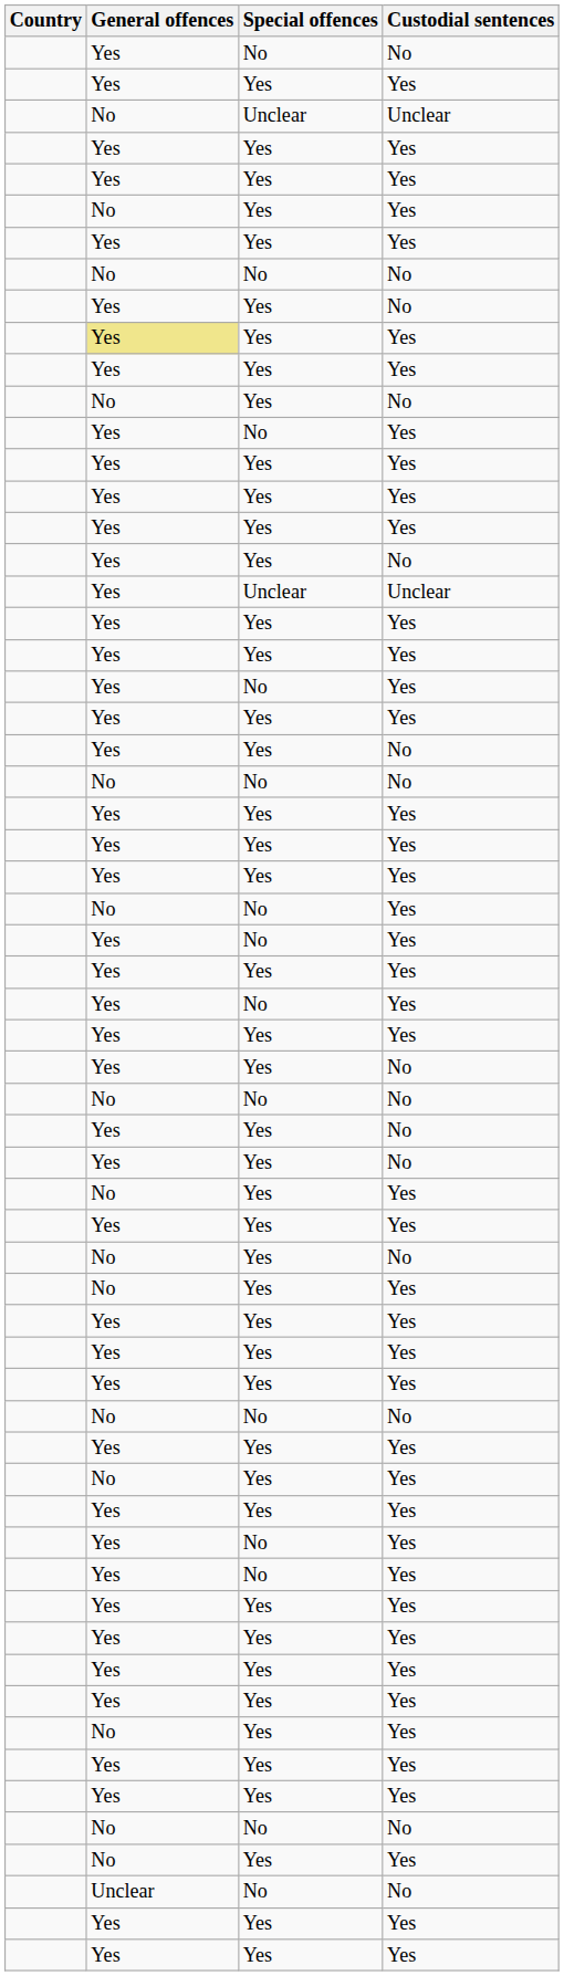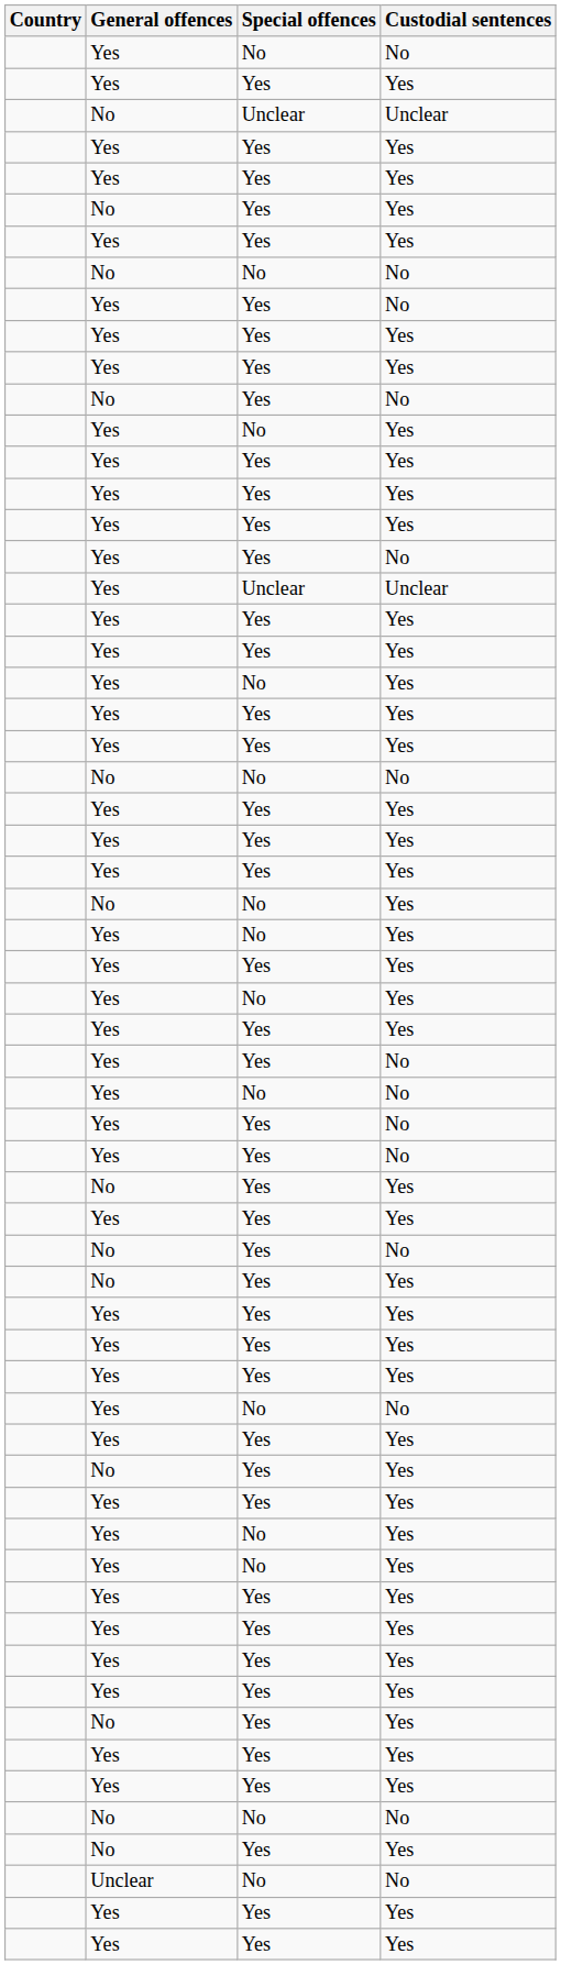 <table class="wikitable collapsible sortable defaultcenter col1left">
 <tr>
 <th>Country</th>
 <th>General offences</th>
 <th>Special offences</th>
 <th>Custodial sentences</th>
 </tr>
 <tr>
 <td></td>
 <td>Yes</td>
 <td>No</td>
 <td>No</td>
 </tr>
 <tr>
 <td></td>
 <td>Yes</td>
 <td>Yes</td>
 <td>Yes</td>
 </tr>
 <tr>
 <td></td>
 <td>No</td>
 <td>Unclear</td>
 <td>Unclear</td>
 </tr>
 <tr>
 <td></td>
 <td>Yes</td>
 <td>Yes</td>
 <td>Yes</td>
 </tr>
 <tr>
 <td></td>
 <td>Yes</td>
 <td>Yes</td>
 <td>Yes</td>
 </tr>
 <tr>
 <td></td>
 <td>No</td>
 <td>Yes</td>
 <td>Yes</td>
 </tr>
 <tr>
 <td></td>
 <td>Yes</td>
 <td>Yes</td>
 <td>Yes</td>
 </tr>
 <tr>
 <td></td>
 <td>No</td>
 <td>No</td>
 <td>No</td>
 </tr>
 <tr>
 <td></td>
 <td>Yes</td>
 <td>Yes</td>
 <td>No</td>
 </tr>
 <tr>
 <td></td>
-<td style="background: khaki;">Yes</td>
+<td>Yes</td>
 <td>Yes</td>
 <td>Yes</td>
 </tr>
 <tr>
 <td></td>
 <td>Yes</td>
 <td>Yes</td>
 <td>Yes</td>
 </tr>
 <tr>
 <td></td>
 <td>No</td>
 <td>Yes</td>
 <td>No</td>
 </tr>
 <tr>
 <td></td>
 <td>Yes</td>
 <td>No</td>
 <td>Yes</td>
 </tr>
 <tr>
 <td></td>
 <td>Yes</td>
 <td>Yes</td>
 <td>Yes</td>
 </tr>
 <tr>
 <td></td>
 <td>Yes</td>
 <td>Yes</td>
 <td>Yes</td>
 </tr>
 <tr>
 <td></td>
 <td>Yes</td>
 <td>Yes</td>
 <td>Yes</td>
 </tr>
 <tr>
 <td></td>
 <td>Yes</td>
 <td>Yes</td>
 <td>No</td>
 </tr>
 <tr>
 <td></td>
 <td>Yes</td>
 <td>Unclear</td>
 <td>Unclear</td>
 </tr>
 <tr>
 <td></td>
 <td>Yes</td>
 <td>Yes</td>
 <td>Yes</td>
 </tr>
 <tr>
 <td></td>
 <td>Yes</td>
 <td>Yes</td>
 <td>Yes</td>
 </tr>
 <tr>
 <td></td>
 <td>Yes</td>
 <td>No</td>
 <td>Yes</td>
 </tr>
 <tr>
 <td></td>
 <td>Yes</td>
 <td>Yes</td>
 <td>Yes</td>
 </tr>
 <tr>
 <td></td>
 <td>Yes</td>
 <td>Yes</td>
-<td>No</td>
+<td>Yes</td>
 </tr>
 <tr>
 <td></td>
 <td>No</td>
 <td>No</td>
 <td>No</td>
 </tr>
 <tr>
 <td></td>
 <td>Yes</td>
 <td>Yes</td>
 <td>Yes</td>
 </tr>
 <tr>
 <td></td>
 <td>Yes</td>
 <td>Yes</td>
 <td>Yes</td>
 </tr>
 <tr>
 <td></td>
 <td>Yes</td>
 <td>Yes</td>
 <td>Yes</td>
 </tr>
 <tr>
 <td></td>
 <td>No</td>
 <td>No</td>
 <td>Yes</td>
 </tr>
 <tr>
 <td></td>
 <td>Yes</td>
 <td>No</td>
 <td>Yes</td>
 </tr>
 <tr>
 <td></td>
 <td>Yes</td>
 <td>Yes</td>
 <td>Yes</td>
 </tr>
 <tr>
 <td></td>
 <td>Yes</td>
 <td>No</td>
 <td>Yes</td>
 </tr>
 <tr>
 <td></td>
 <td>Yes</td>
 <td>Yes</td>
 <td>Yes</td>
 </tr>
 <tr>
 <td></td>
 <td>Yes</td>
 <td>Yes</td>
 <td>No</td>
 </tr>
 <tr>
 <td></td>
-<td>No</td>
+<td>Yes</td>
 <td>No</td>
 <td>No</td>
 </tr>
 <tr>
 <td></td>
 <td>Yes</td>
 <td>Yes</td>
 <td>No</td>
 </tr>
 <tr>
 <td></td>
 <td>Yes</td>
 <td>Yes</td>
 <td>No</td>
 </tr>
 <tr>
 <td></td>
 <td>No</td>
 <td>Yes</td>
 <td>Yes</td>
 </tr>
 <tr>
 <td></td>
 <td>Yes</td>
 <td>Yes</td>
 <td>Yes</td>
 </tr>
 <tr>
 <td></td>
 <td>No</td>
 <td>Yes</td>
 <td>No</td>
 </tr>
 <tr>
 <td></td>
 <td>No</td>
 <td>Yes</td>
 <td>Yes</td>
 </tr>
 <tr>
 <td></td>
 <td>Yes</td>
 <td>Yes</td>
 <td>Yes</td>
 </tr>
 <tr>
 <td></td>
 <td>Yes</td>
 <td>Yes</td>
 <td>Yes</td>
 </tr>
 <tr>
 <td></td>
 <td>Yes</td>
 <td>Yes</td>
 <td>Yes</td>
 </tr>
 <tr>
 <td></td>
-<td>No</td>
+<td>Yes</td>
 <td>No</td>
 <td>No</td>
 </tr>
 <tr>
 <td></td>
 <td>Yes</td>
 <td>Yes</td>
 <td>Yes</td>
 </tr>
 <tr>
 <td></td>
 <td>No</td>
 <td>Yes</td>
 <td>Yes</td>
 </tr>
 <tr>
 <td></td>
 <td>Yes</td>
 <td>Yes</td>
 <td>Yes</td>
 </tr>
 <tr>
 <td></td>
 <td>Yes</td>
 <td>No</td>
 <td>Yes</td>
 </tr>
 <tr>
 <td></td>
 <td>Yes</td>
 <td>No</td>
 <td>Yes</td>
 </tr>
 <tr>
 <td></td>
 <td>Yes</td>
 <td>Yes</td>
 <td>Yes</td>
 </tr>
 <tr>
 <td></td>
 <td>Yes</td>
 <td>Yes</td>
 <td>Yes</td>
 </tr>
 <tr>
 <td></td>
 <td>Yes</td>
 <td>Yes</td>
 <td>Yes</td>
 </tr>
 <tr>
 <td></td>
 <td>Yes</td>
 <td>Yes</td>
 <td>Yes</td>
 </tr>
 <tr>
 <td></td>
 <td>No</td>
 <td>Yes</td>
 <td>Yes</td>
 </tr>
 <tr>
 <td></td>
 <td>Yes</td>
 <td>Yes</td>
 <td>Yes</td>
 </tr>
 <tr>
 <td></td>
 <td>Yes</td>
 <td>Yes</td>
 <td>Yes</td>
 </tr>
 <tr>
 <td></td>
 <td>No</td>
 <td>No</td>
 <td>No</td>
 </tr>
 <tr>
 <td></td>
 <td>No</td>
 <td>Yes</td>
 <td>Yes</td>
 </tr>
 <tr>
 <td></td>
 <td>Unclear</td>
 <td>No</td>
 <td>No</td>
 </tr>
 <tr>
 <td></td>
 <td>Yes</td>
 <td>Yes</td>
 <td>Yes</td>
 </tr>
 <tr>
 <td></td>
 <td>Yes</td>
 <td>Yes</td>
 <td>Yes</td>
 </tr>
 </table>
